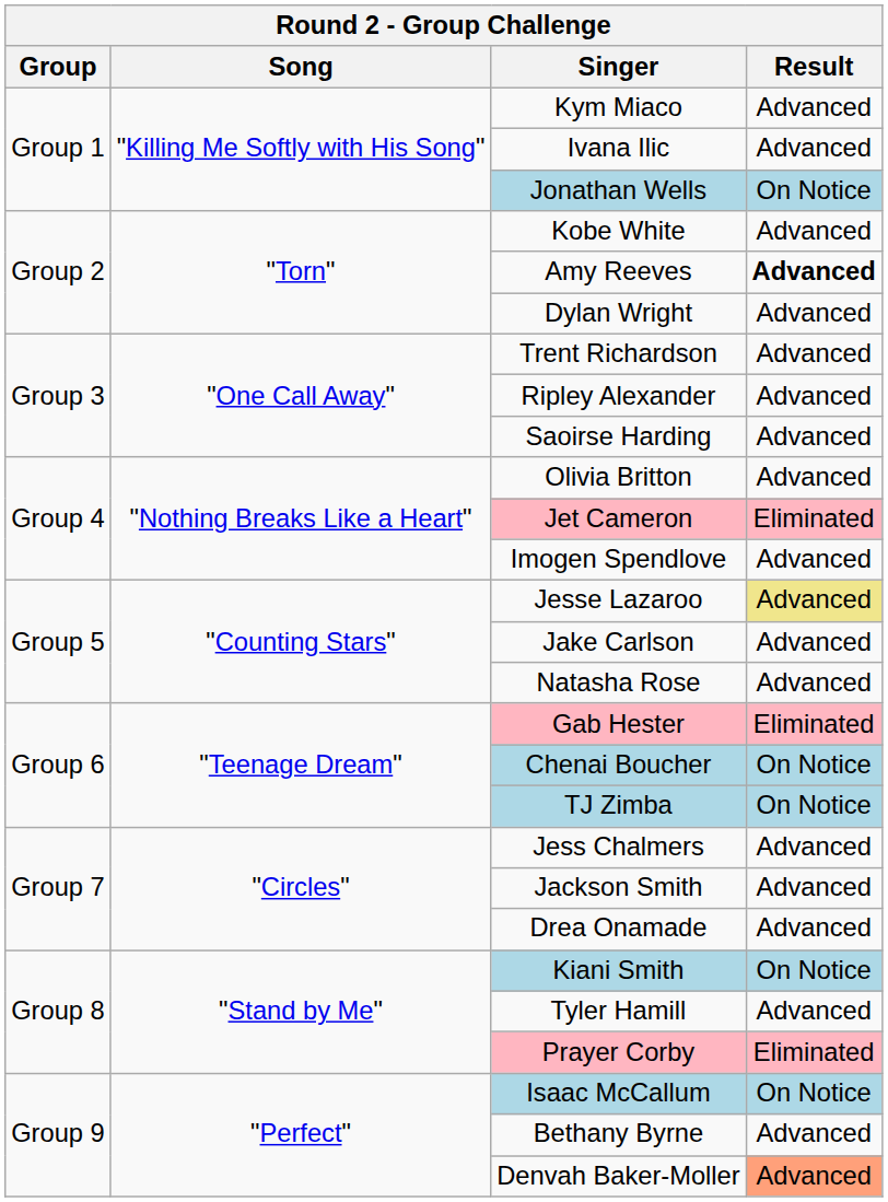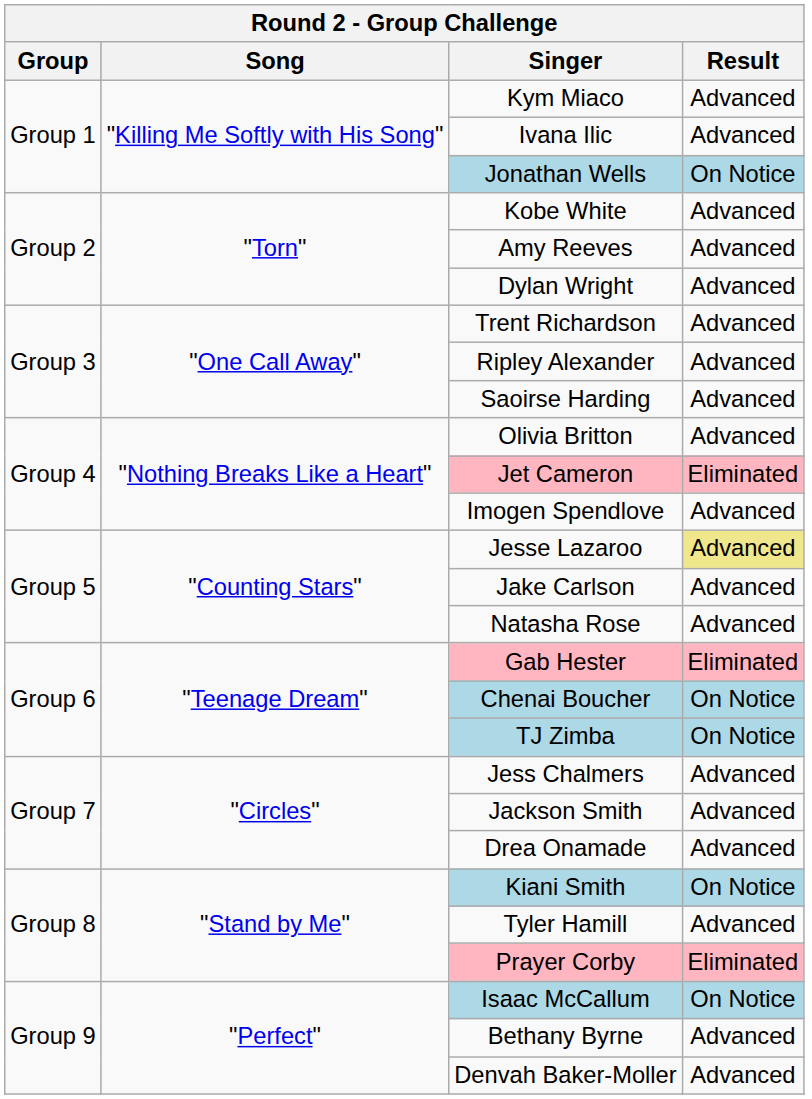 <table class="wikitable plainrowheaders" style="text-align:center;">
 <tr>
 <th colspan=4>Round 2 - Group Challenge</th>
 </tr>
 <tr>
 <th scope="col">Group</th>
 <th scope="col">Song</th>
 <th scope="col">Singer</th>
 <th scope="col">Result</th>
 </tr>
 <tr>
 <td rowspan="3">Group 1</td>
 <td rowspan="3">"<a href='#'>Killing Me Softly with His Song</a>"</td>
 <td>Kym Miaco</td>
 <td>Advanced</td>
 </tr>
 <tr>
 <td>Ivana Ilic</td>
 <td>Advanced</td>
 </tr>
 <tr>
 <td style="background-color:lightblue">Jonathan Wells</td>
 <td style="background-color:lightblue">On Notice</td>
 </tr>
 <tr>
 <td rowspan="3">Group 2</td>
 <td rowspan="3">"<a href='#'>Torn</a>"</td>
 <td>Kobe White</td>
 <td>Advanced</td>
 </tr>
 <tr>
 <td>Amy Reeves</td>
-<td><strong>Advanced</strong></td>
+<td>Advanced</td>
 </tr>
 <tr>
 <td>Dylan Wright</td>
 <td>Advanced</td>
 </tr>
 <tr>
 <td rowspan="3">Group 3</td>
 <td rowspan="3">"<a href='#'>One Call Away</a>"</td>
 <td>Trent Richardson</td>
 <td>Advanced</td>
 </tr>
 <tr>
 <td>Ripley Alexander</td>
 <td>Advanced</td>
 </tr>
 <tr>
 <td>Saoirse Harding</td>
 <td>Advanced</td>
 </tr>
 <tr>
 <td rowspan="3">Group 4</td>
 <td rowspan="3">"<a href='#'>Nothing Breaks Like a Heart</a>"</td>
 <td>Olivia Britton</td>
 <td>Advanced</td>
 </tr>
 <tr>
 <td style="background-color:lightpink">Jet Cameron</td>
 <td style="background-color:lightpink">Eliminated</td>
 </tr>
 <tr>
 <td>Imogen Spendlove</td>
 <td>Advanced</td>
 </tr>
 <tr>
 <td rowspan="3">Group 5</td>
 <td rowspan="3">"<a href='#'>Counting Stars</a>"</td>
 <td>Jesse Lazaroo</td>
 <td style="background: khaki;">Advanced</td>
 </tr>
 <tr>
 <td>Jake Carlson</td>
 <td>Advanced</td>
 </tr>
 <tr>
 <td>Natasha Rose</td>
 <td>Advanced</td>
 </tr>
 <tr>
 <td rowspan="3">Group 6</td>
 <td rowspan="3">"<a href='#'>Teenage Dream</a>"</td>
 <td style="background-color:lightpink">Gab Hester</td>
 <td style="background-color:lightpink">Eliminated</td>
 </tr>
 <tr>
 <td style="background-color:lightblue">Chenai Boucher</td>
 <td style="background-color:lightblue">On Notice</td>
 </tr>
 <tr>
 <td style="background-color:lightblue">TJ Zimba</td>
 <td style="background-color:lightblue">On Notice</td>
 </tr>
 <tr>
 <td rowspan="3">Group 7</td>
 <td rowspan="3">"<a href='#'>Circles</a>"</td>
 <td>Jess Chalmers</td>
 <td>Advanced</td>
 </tr>
 <tr>
 <td>Jackson Smith</td>
 <td>Advanced</td>
 </tr>
 <tr>
 <td>Drea Onamade</td>
 <td>Advanced</td>
 </tr>
 <tr>
 <td rowspan="3">Group 8</td>
 <td rowspan="3">"<a href='#'>Stand by Me</a>"</td>
 <td style="background-color:lightblue">Kiani Smith</td>
 <td style="background-color:lightblue">On Notice</td>
 </tr>
 <tr>
 <td>Tyler Hamill</td>
 <td>Advanced</td>
 </tr>
 <tr>
 <td style="background-color:lightpink">Prayer Corby</td>
 <td style="background-color:lightpink">Eliminated</td>
 </tr>
 <tr>
 <td rowspan="3">Group 9</td>
 <td rowspan="3">"<a href='#'>Perfect</a>"</td>
 <td style="background-color:lightblue">Isaac McCallum</td>
 <td style="background-color:lightblue">On Notice</td>
 </tr>
 <tr>
 <td>Bethany Byrne</td>
 <td>Advanced</td>
 </tr>
 <tr>
 <td>Denvah Baker-Moller</td>
-<td style="background: lightsalmon;">Advanced</td>
+<td>Advanced</td>
 </tr>
 </table>
